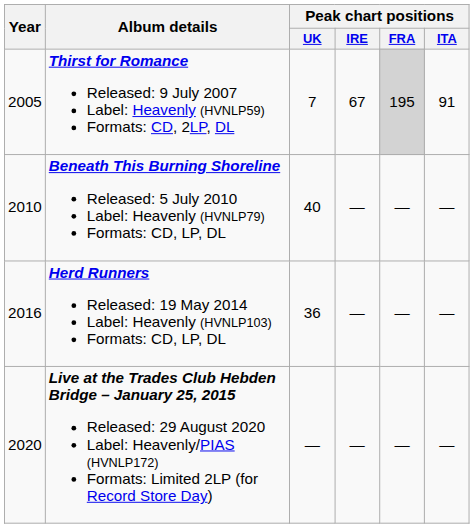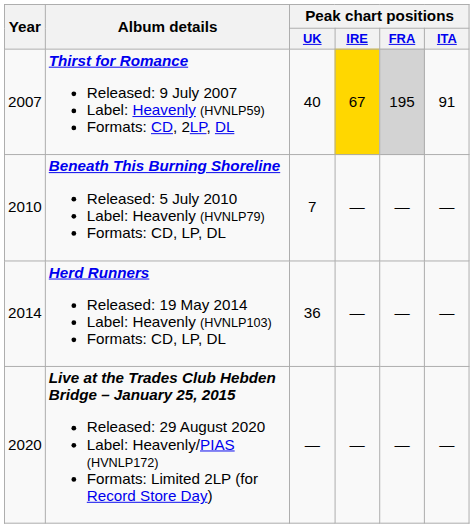 <table class="wikitable">
 <tr>
 <th rowspan="2">Year</th>
 <th rowspan="2" style="width:250px;">Album details</th>
 <th colspan="4">Peak chart positions</th>
 </tr>
 <tr>
 <th style="width:3em;font-size:85%"><a href='#'>UK</a><br></th>
 <th style="width:3em;font-size:85%"><a href='#'>IRE</a><br></th>
 <th style="width:3em;font-size:85%"><a href='#'>FRA</a><br></th>
 <th style="width:3em;font-size:85%"><a href='#'>ITA</a><br></th>
 </tr>
 <tr>
-<td>2005</td>
+<td>2007</td>
 <td><strong><em><a href='#'>Thirst for Romance</a></em></strong><br><ul><li>Released: 9 July 2007</li><li>Label: <a href='#'>Heavenly</a> <small>(HVNLP59)</small></li><li>Formats: <a href='#'>CD</a>, 2<a href='#'>LP</a>, <a href='#'>DL</a></li></ul></td>
-<td style="text-align:center;">7</td>
-<td style="text-align:center;">67</td>
+<td style="text-align:center;">40</td>
+<td style="background: gold; text-align:center;">67</td>
 <td style="background: lightgrey; text-align:center;">195</td>
 <td style="text-align:center;">91</td>
 </tr>
 <tr>
 <td>2010</td>
 <td><strong><em><a href='#'>Beneath This Burning Shoreline</a></em></strong><br><ul><li>Released: 5 July 2010</li><li>Label: Heavenly <small>(HVNLP79)</small></li><li>Formats: CD, LP, DL</li></ul></td>
-<td style="text-align:center;">40</td>
+<td style="text-align:center;">7</td>
 <td style="text-align:center;">—</td>
 <td style="text-align:center;">—</td>
 <td style="text-align:center;">—</td>
 </tr>
 <tr>
-<td>2016</td>
+<td>2014</td>
 <td><strong><em><a href='#'>Herd Runners</a></em></strong><br><ul><li>Released: 19 May 2014</li><li>Label: Heavenly <small>(HVNLP103)</small></li><li>Formats: CD, LP, DL</li></ul></td>
 <td style="text-align:center;">36</td>
 <td style="text-align:center;">—</td>
 <td style="text-align:center;">—</td>
 <td style="text-align:center;">—</td>
 </tr>
 <tr>
 <td>2020</td>
 <td><strong><em>Live at the Trades Club Hebden Bridge – January 25, 2015</em></strong><br><ul><li>Released: 29 August 2020</li><li>Label: Heavenly/<a href='#'>PIAS</a> <small>(HVNLP172)</small></li><li>Formats: Limited 2LP (for <a href='#'>Record Store Day</a>)</li></ul></td>
 <td style="text-align:center;">—</td>
 <td style="text-align:center;">—</td>
 <td style="text-align:center;">—</td>
 <td style="text-align:center;">—</td>
 </tr>
 </table>
